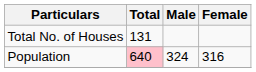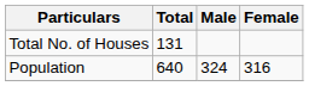 <table class="wikitable sortable">
 <tr>
 <th>Particulars</th>
 <th>Total</th>
 <th>Male</th>
 <th>Female</th>
 </tr>
 <tr>
 <td>Total No. of Houses</td>
 <td>131</td>
 <td></td>
 <td></td>
 </tr>
 <tr>
 <td>Population</td>
-<td style="background: pink;">640</td>
+<td>640</td>
 <td>324</td>
 <td>316</td>
 </tr>
 <tr>
 </tr>
 </table>
